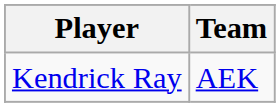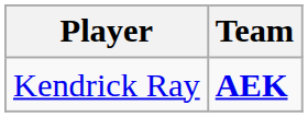 <table class="wikitable">
 <tr>
 <th>Player</th>
 <th>Team</th>
 </tr>
 <tr>
 <td> <a href='#'>Kendrick Ray</a></td>
-<td><a href='#'>AEK</a></td>
+<td><strong><a href='#'>AEK</a></strong></td>
 </tr>
 </table>
